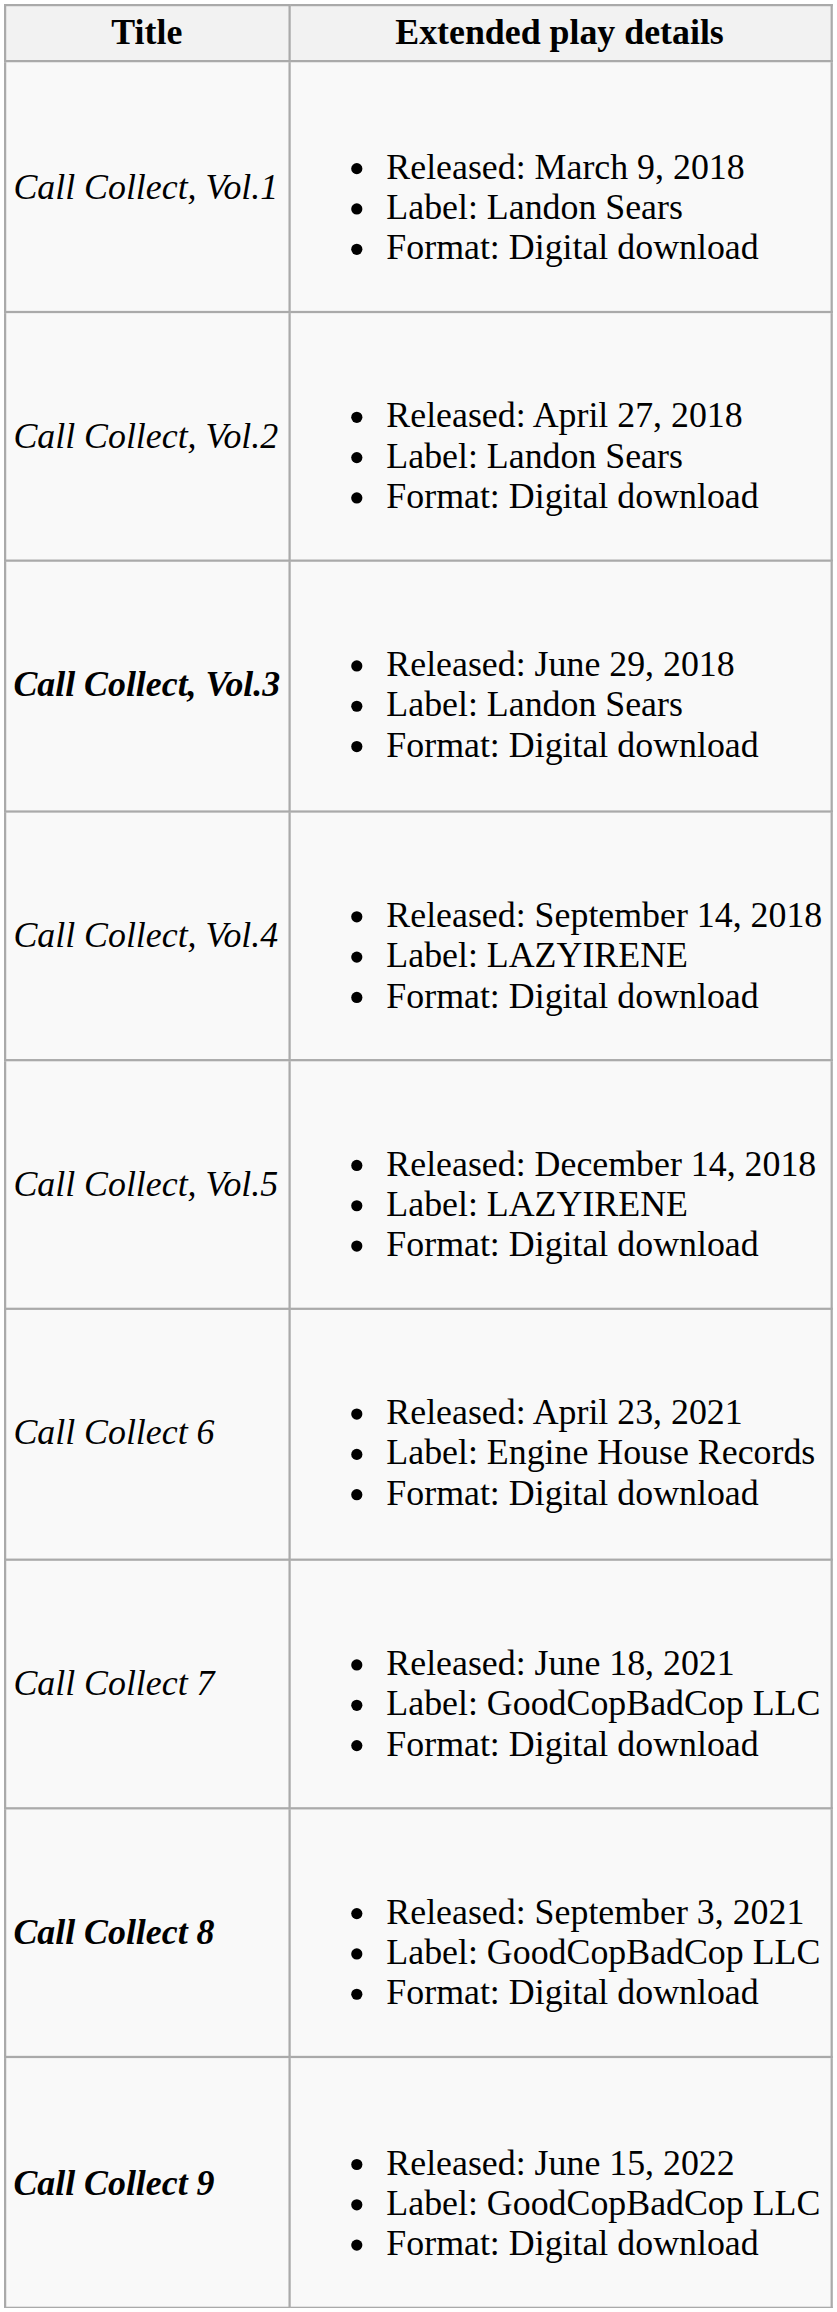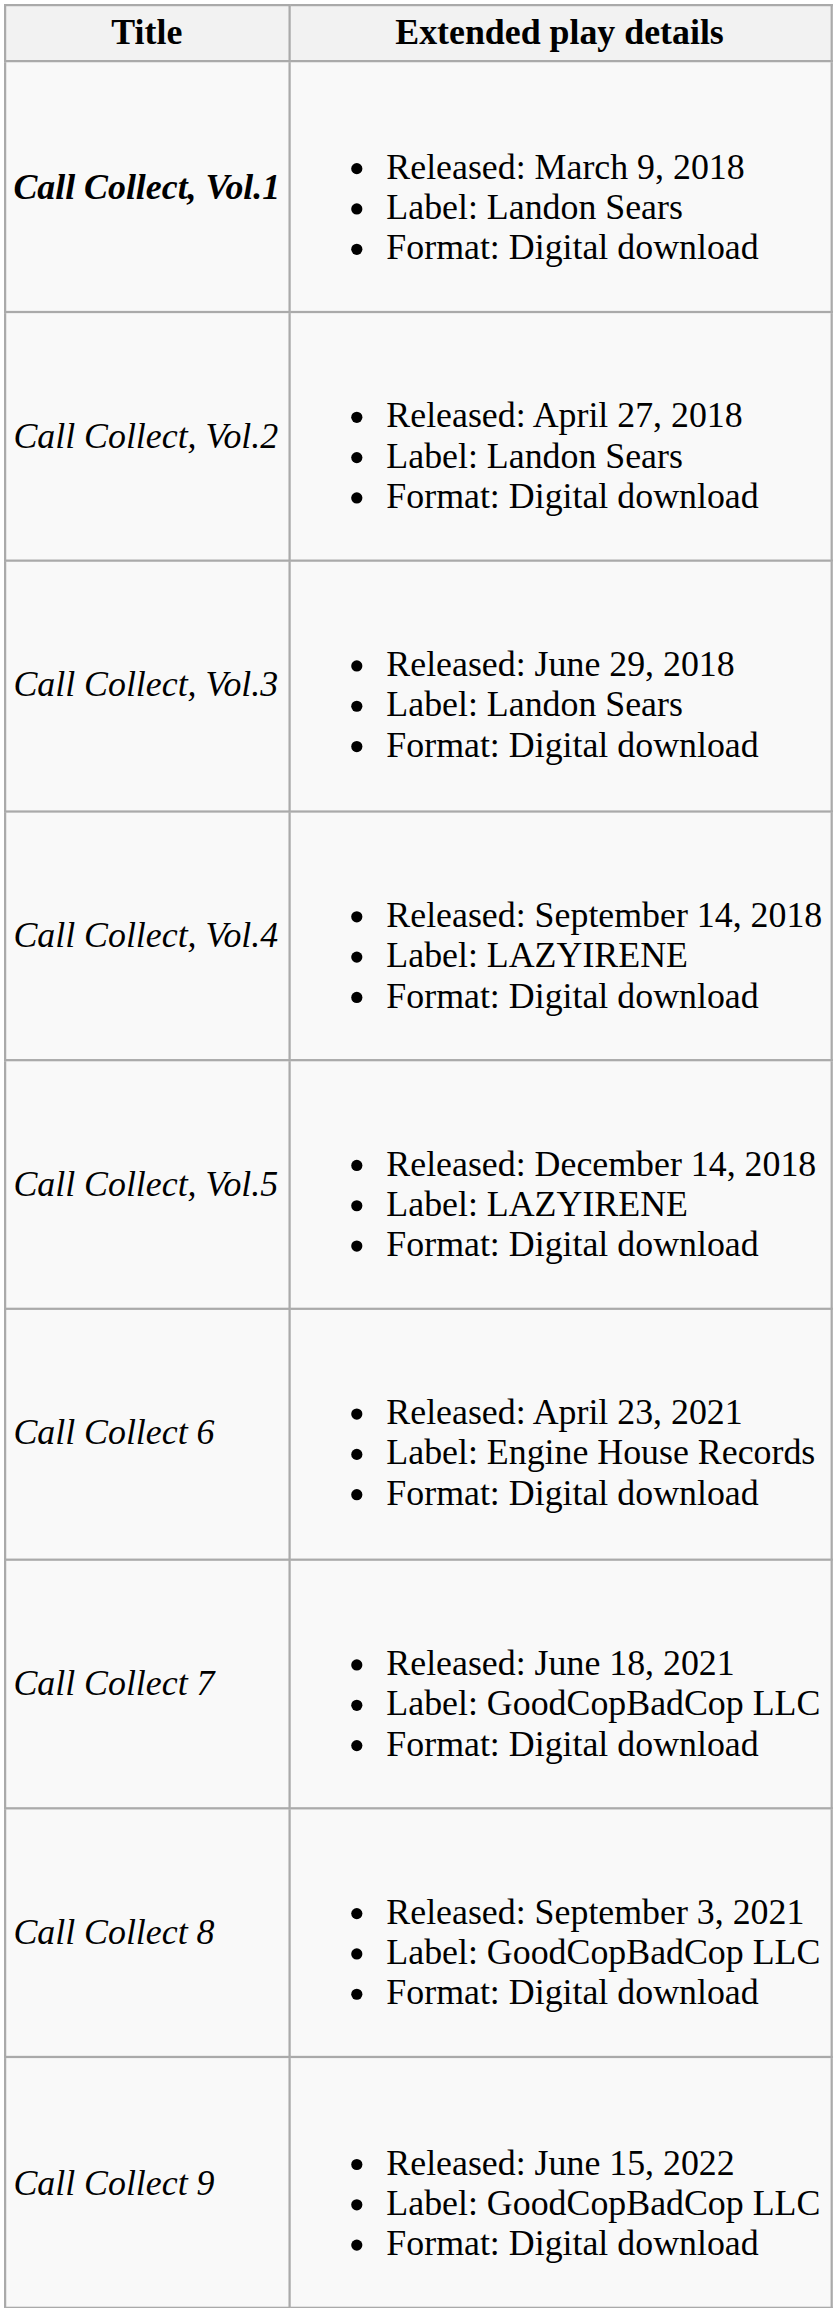 <table class="wikitable">
 <tr>
 <th>Title</th>
 <th><strong>Extended play details</strong></th>
 </tr>
 <tr>
-<td><em>Call Collect, Vol.1</em></td>
+<td><strong><em>Call Collect, Vol.1</em></strong></td>
 <td><br><ul><li>Released: March 9, 2018</li><li>Label: Landon Sears</li><li>Format: Digital download</li></ul></td>
 </tr>
 <tr>
 <td><em>Call Collect, Vol.2</em></td>
 <td><br><ul><li>Released: April 27, 2018</li><li>Label: Landon Sears</li><li>Format: Digital download</li></ul></td>
 </tr>
 <tr>
-<td><strong><em>Call Collect, Vol.3</em></strong></td>
+<td><em>Call Collect, Vol.3</em></td>
 <td><br><ul><li>Released: June 29, 2018</li><li>Label: Landon Sears</li><li>Format: Digital download</li></ul></td>
 </tr>
 <tr>
 <td><em>Call Collect, Vol.4</em></td>
 <td><br><ul><li>Released: September 14, 2018</li><li>Label: LAZYIRENE</li><li>Format: Digital download</li></ul></td>
 </tr>
 <tr>
 <td><em>Call Collect, Vol.5</em></td>
 <td><br><ul><li>Released: December 14, 2018</li><li>Label: LAZYIRENE</li><li>Format: Digital download</li></ul></td>
 </tr>
 <tr>
 <td><em>Call Collect 6</em></td>
 <td><br><ul><li>Released: April 23, 2021</li><li>Label: Engine House Records</li><li>Format: Digital download</li></ul></td>
 </tr>
 <tr>
 <td><em>Call Collect 7</em></td>
 <td><br><ul><li>Released: June 18, 2021</li><li>Label: GoodCopBadCop LLC</li><li>Format: Digital download</li></ul></td>
 </tr>
 <tr>
-<td><strong><em>Call Collect 8</em></strong></td>
+<td><em>Call Collect 8</em></td>
 <td><br><ul><li>Released: September 3, 2021</li><li>Label: GoodCopBadCop LLC</li><li>Format: Digital download</li></ul></td>
 </tr>
 <tr>
-<td><strong><em>Call Collect 9</em></strong></td>
+<td><em>Call Collect 9</em></td>
 <td><br><ul><li>Released: June 15, 2022</li><li>Label: GoodCopBadCop LLC</li><li>Format: Digital download</li></ul></td>
 </tr>
 </table>
